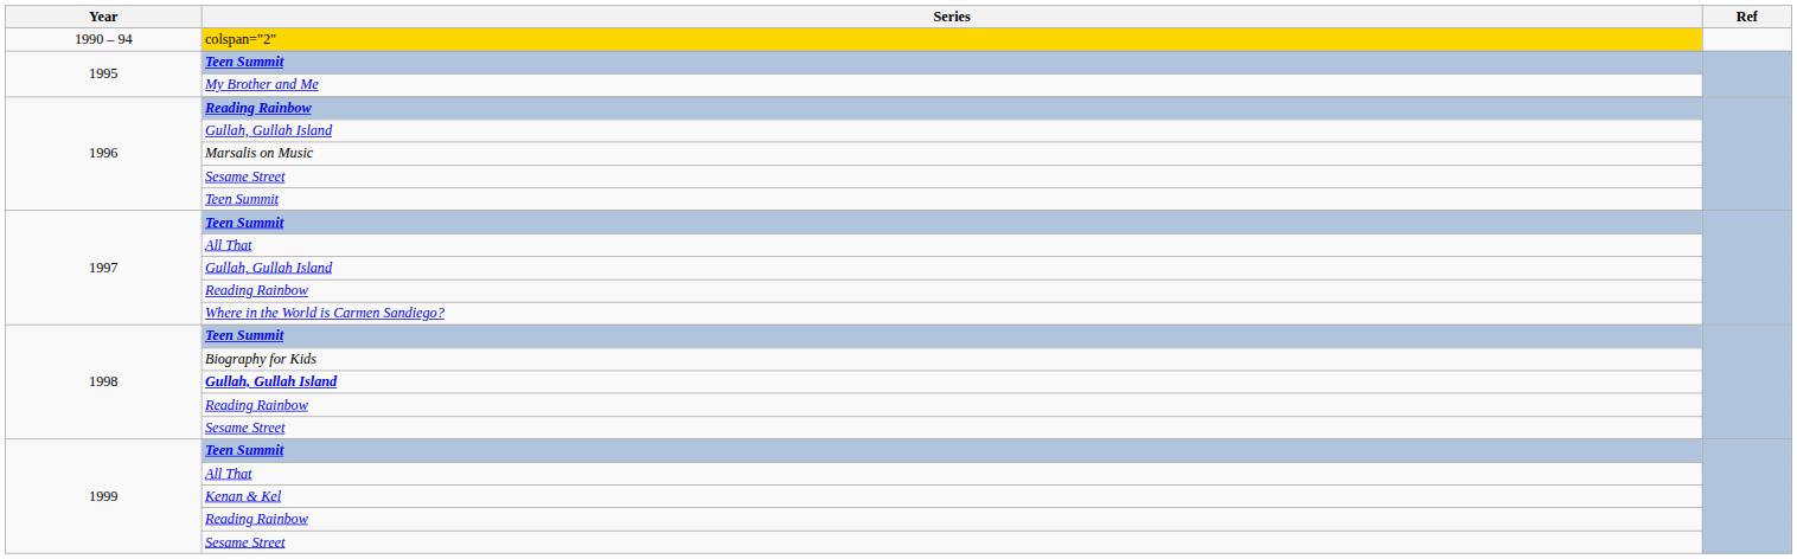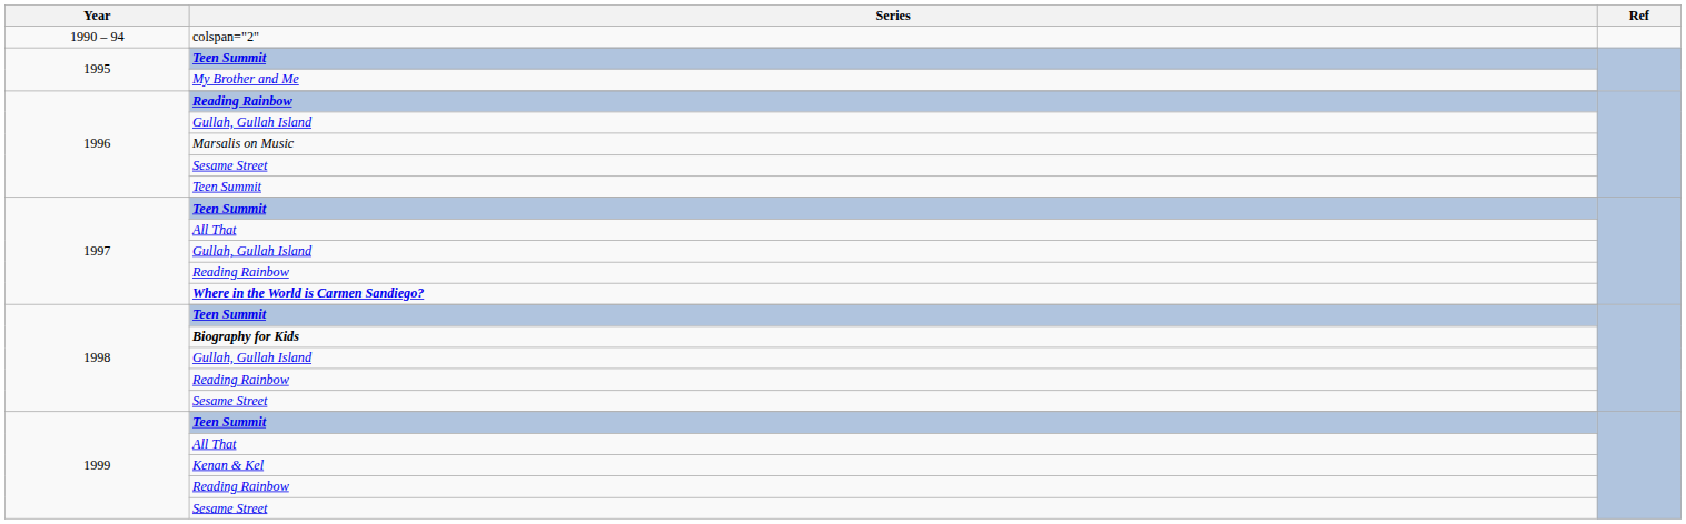 <table class="wikitable" style="width:100%;">
 <tr style="background:#bebebe;">
 <th style="width:11%;">Year</th>
 <th style="width:84%;">Series</th>
 <th style="width:5%;">Ref</th>
 </tr>
 <tr>
 <td align="center">1990 – 94</td>
-<td style="background: gold;">colspan="2" </td>
+<td>colspan="2" </td>
 </tr>
 <tr>
 <td rowspan="3" align="center">1995</td>
 </tr>
 <tr style="background:#B0C4DE">
 <td><strong><em><a href='#'>Teen Summit</a></em></strong></td>
 <td rowspan="3" align="center"></td>
 </tr>
 <tr>
 <td><em><a href='#'>My Brother and Me</a></em></td>
 </tr>
 <tr>
 <td rowspan="6" align="center">1996</td>
 </tr>
 <tr style="background:#B0C4DE">
 <td><strong><em><a href='#'>Reading Rainbow</a></em></strong></td>
 <td rowspan="6" align="center"></td>
 </tr>
 <tr>
 <td><em><a href='#'>Gullah, Gullah Island</a></em></td>
 </tr>
 <tr>
 <td><em>Marsalis on Music</em></td>
 </tr>
 <tr>
 <td><em><a href='#'>Sesame Street</a></em></td>
 </tr>
 <tr>
 <td><em><a href='#'>Teen Summit</a></em></td>
 </tr>
 <tr>
 <td rowspan="6" align="center">1997</td>
 </tr>
 <tr style="background:#B0C4DE">
 <td><strong><em><a href='#'>Teen Summit</a></em></strong></td>
 <td rowspan="6" align="center"></td>
 </tr>
 <tr>
 <td><em><a href='#'>All That</a></em></td>
 </tr>
 <tr>
 <td><em><a href='#'>Gullah, Gullah Island</a></em></td>
 </tr>
 <tr>
 <td><em><a href='#'>Reading Rainbow</a></em></td>
 </tr>
 <tr>
-<td><em><a href='#'>Where in the World is Carmen Sandiego?</a></em></td>
+<td><strong><em><a href='#'>Where in the World is Carmen Sandiego?</a></em></strong></td>
 </tr>
 <tr>
 <td rowspan="6" align="center">1998</td>
 </tr>
 <tr style="background:#B0C4DE">
 <td><strong><em><a href='#'>Teen Summit</a></em></strong></td>
 <td rowspan="6" align="center"></td>
 </tr>
 <tr>
-<td><em>Biography for Kids</em></td>
+<td><strong><em>Biography for Kids</em></strong></td>
 </tr>
 <tr>
-<td><strong><em><a href='#'>Gullah, Gullah Island</a></em></strong></td>
+<td><em><a href='#'>Gullah, Gullah Island</a></em></td>
 </tr>
 <tr>
 <td><em><a href='#'>Reading Rainbow</a></em></td>
 </tr>
 <tr>
 <td><em><a href='#'>Sesame Street</a></em></td>
 </tr>
 <tr>
 <td rowspan="6" align="center">1999</td>
 </tr>
 <tr style="background:#B0C4DE">
 <td><strong><em><a href='#'>Teen Summit</a></em></strong></td>
 <td rowspan="6" align="center"></td>
 </tr>
 <tr>
 <td><em><a href='#'>All That</a></em></td>
 </tr>
 <tr>
 <td><em><a href='#'>Kenan & Kel</a></em></td>
 </tr>
 <tr>
 <td><em><a href='#'>Reading Rainbow</a></em></td>
 </tr>
 <tr>
 <td><em><a href='#'>Sesame Street</a></em></td>
 </tr>
 </table>
